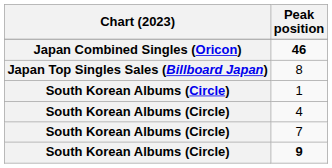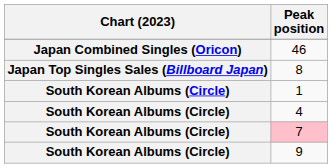 <table class="wikitable sortable plainrowheaders" style="text-align:center">
 <tr>
 <th scope="col">Chart (2023)</th>
 <th scope="col">Peak<br>position</th>
 </tr>
 <tr>
 </tr>
 <tr>
 </tr>
 <tr>
 <th scope="row">Japan Combined Singles (<a href='#'>Oricon</a>)</th>
-<td><strong>46</strong></td>
+<td>46</td>
 </tr>
 <tr>
 <th scope="row">Japan Top Singles Sales (<em><a href='#'>Billboard Japan</a></em>)</th>
 <td>8</td>
 </tr>
 <tr>
 <th scope="row">South Korean Albums (<a href='#'>Circle</a>)</th>
 <td>1</td>
 </tr>
 <tr>
 <th scope="row">South Korean Albums (Circle)<br></th>
 <td>4</td>
 </tr>
 <tr>
 <th scope="row">South Korean Albums (Circle)<br></th>
-<td>7</td>
+<td style="background: pink;">7</td>
 </tr>
 <tr>
 <th scope="row">South Korean Albums (Circle)<br></th>
-<td><strong>9</strong></td>
+<td>9</td>
 </tr>
 </table>
